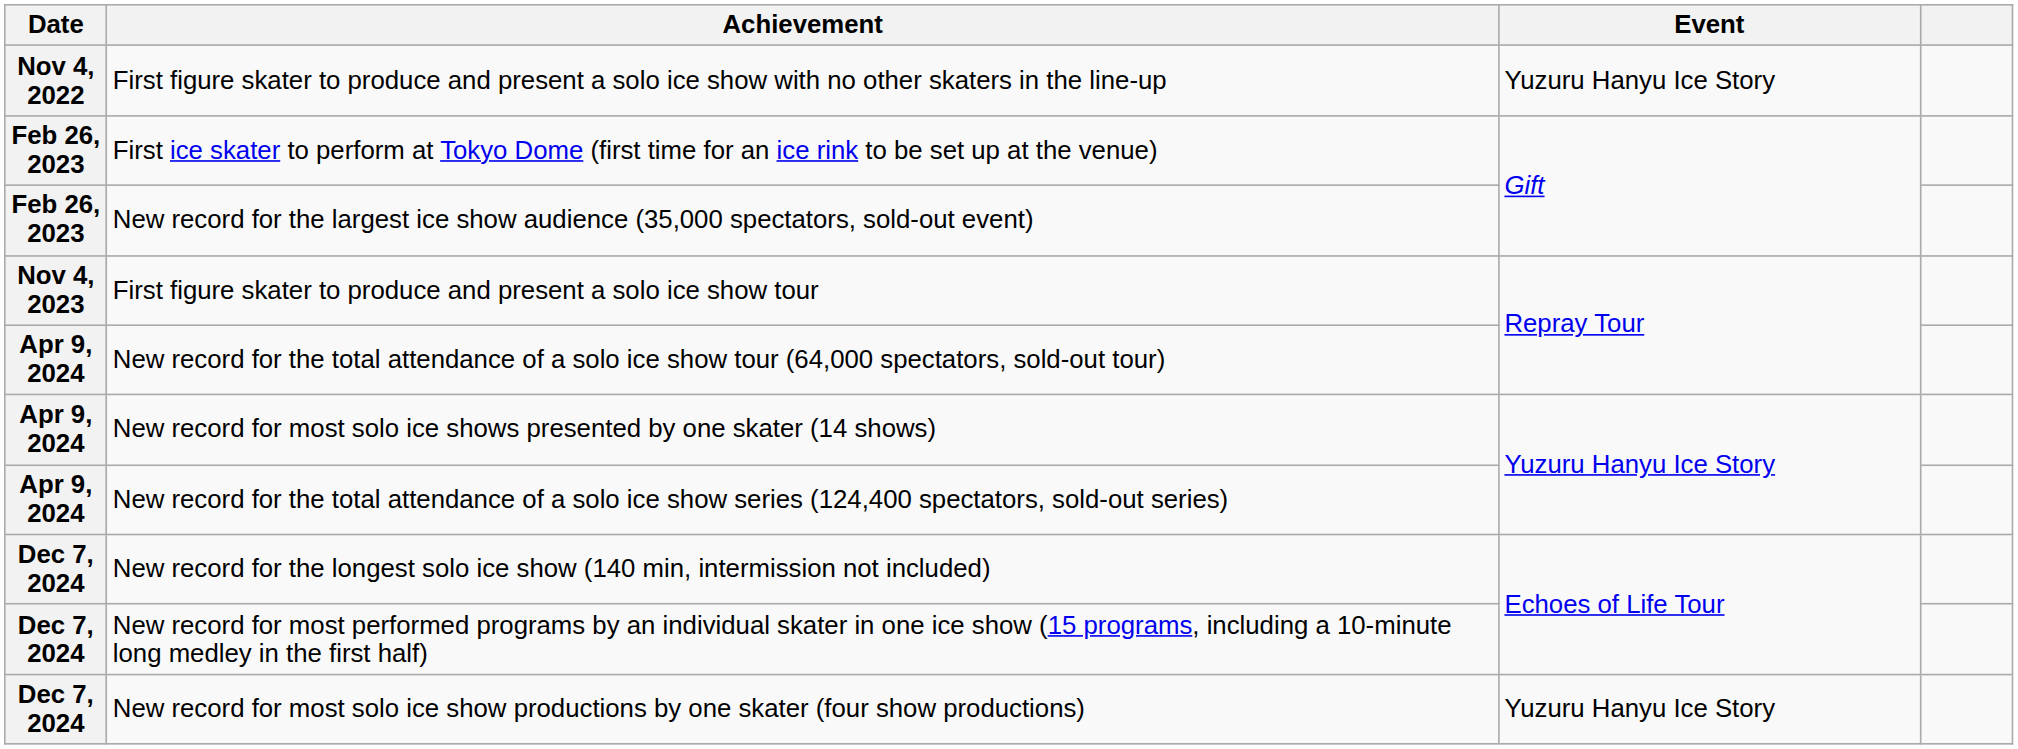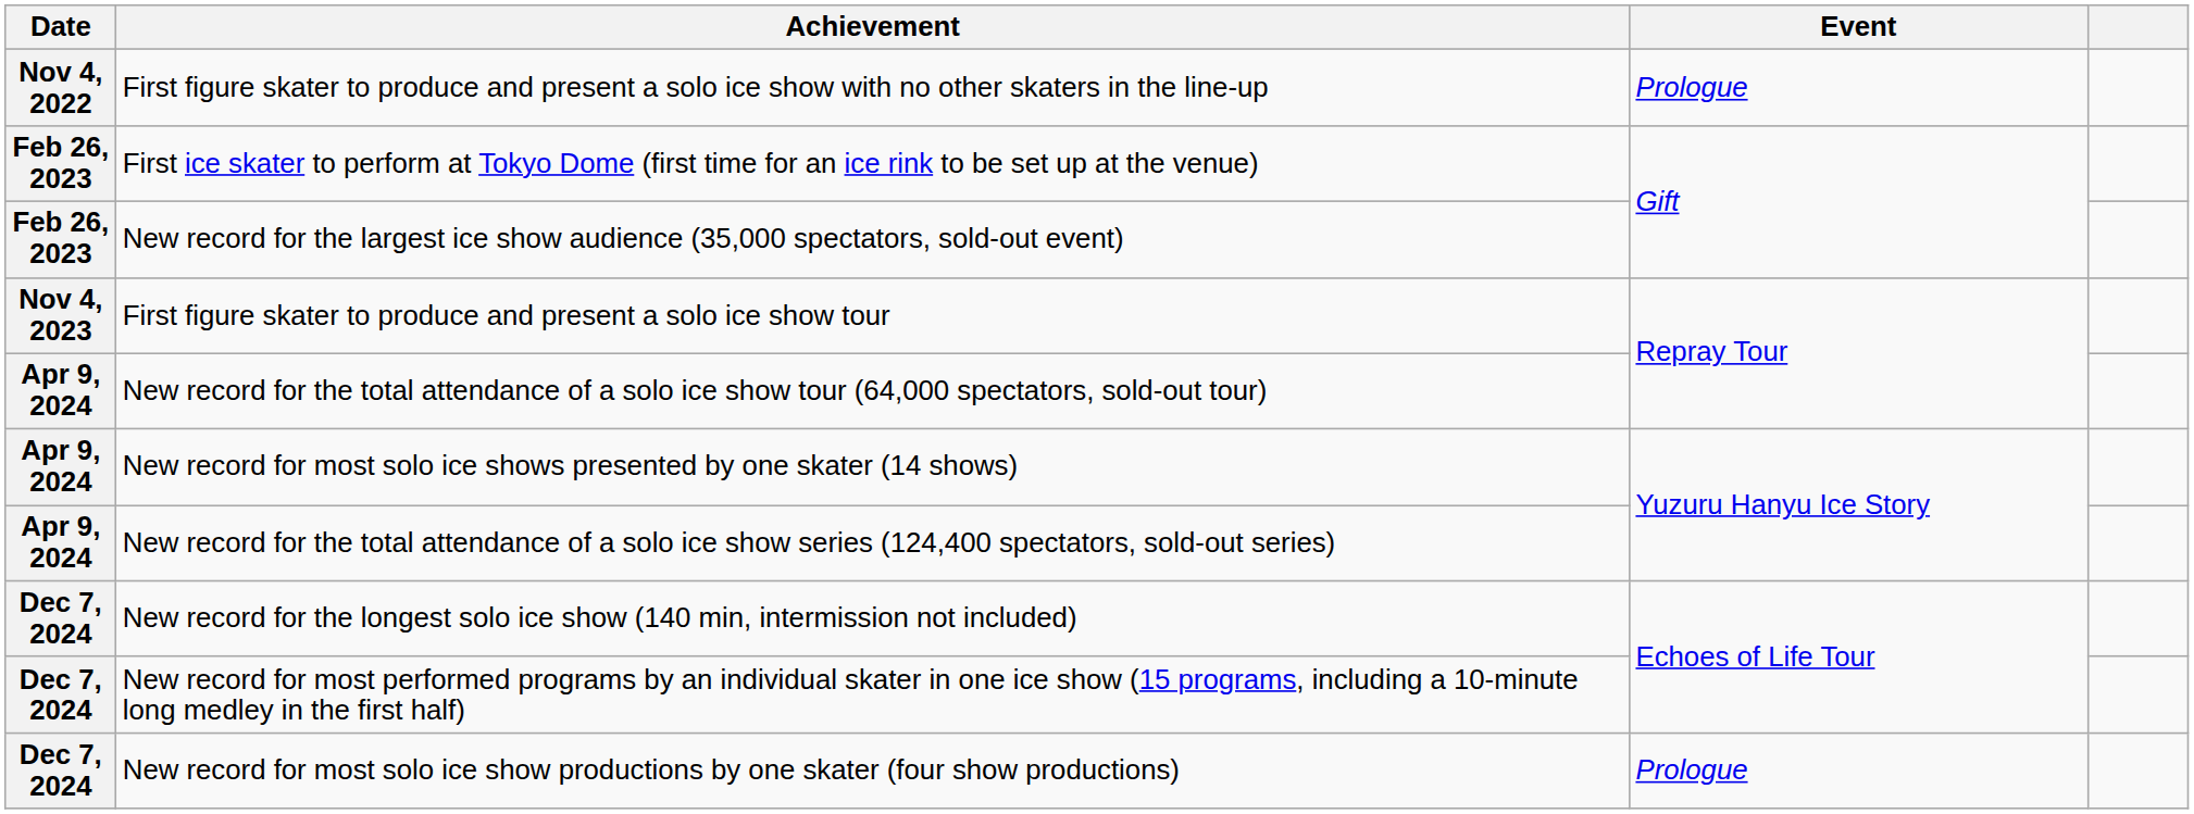 <table class="wikitable plainrowheaders">
 <tr>
 <th scope=col width=56px>Date</th>
 <th scope=col>Achievement</th>
 <th scope=col width=21%>Event</th>
 <th scope=col width=50px></th>
 </tr>
 <tr>
 <th scope=row>Nov 4, 2022</th>
 <td>First figure skater to produce and present a solo ice show with no other skaters in the line-up</td>
-<td>Yuzuru Hanyu Ice Story</td>
+<td><em><a href='#'>Prologue</a></em></td>
 <td></td>
 </tr>
 <tr>
 <th scope=row>Feb 26, 2023</th>
 <td>First <a href='#'>ice skater</a> to perform at <a href='#'>Tokyo Dome</a> (first time for an <a href='#'>ice rink</a> to be set up at the venue)</td>
 <td rowspan=2><em><a href='#'>Gift</a></em></td>
 <td></td>
 </tr>
 <tr>
 <th scope=row>Feb 26, 2023</th>
 <td>New record for the largest ice show audience (35,000 spectators, sold-out event)</td>
 <td></td>
 </tr>
 <tr>
 <th scope=row>Nov 4, 2023</th>
 <td>First figure skater to produce and present a solo ice show tour</td>
 <td rowspan=2><a href='#'>Repray Tour</a></td>
 <td></td>
 </tr>
 <tr>
 <th scope=row>Apr 9, 2024</th>
 <td>New record for the total attendance of a solo ice show tour (64,000 spectators, sold-out tour)</td>
 <td></td>
 </tr>
 <tr>
 <th scope=row>Apr 9, 2024</th>
 <td>New record for most solo ice shows presented by one skater (14 shows)</td>
 <td rowspan=2><a href='#'>Yuzuru Hanyu Ice Story</a></td>
 <td></td>
 </tr>
 <tr>
 <th scope=row>Apr 9, 2024</th>
 <td>New record for the total attendance of a solo ice show series (124,400 spectators, sold-out series)</td>
 <td></td>
 </tr>
 <tr>
 <th scope=row>Dec 7, 2024</th>
 <td>New record for the longest solo ice show (140 min, intermission not included)</td>
 <td rowspan=2><a href='#'>Echoes of Life Tour</a></td>
 <td></td>
 </tr>
 <tr>
 <th scope=row>Dec 7, 2024</th>
 <td>New record for most performed programs by an individual skater in one ice show (<a href='#'>15 programs</a>, including a 10-minute long medley in the first half)</td>
 <td></td>
 </tr>
 <tr>
 <th scope=row>Dec 7, 2024</th>
 <td>New record for most solo ice show productions by one skater (four show productions)</td>
-<td>Yuzuru Hanyu Ice Story</td>
+<td><em><a href='#'>Prologue</a></em></td>
 <td></td>
 </tr>
 </table>
